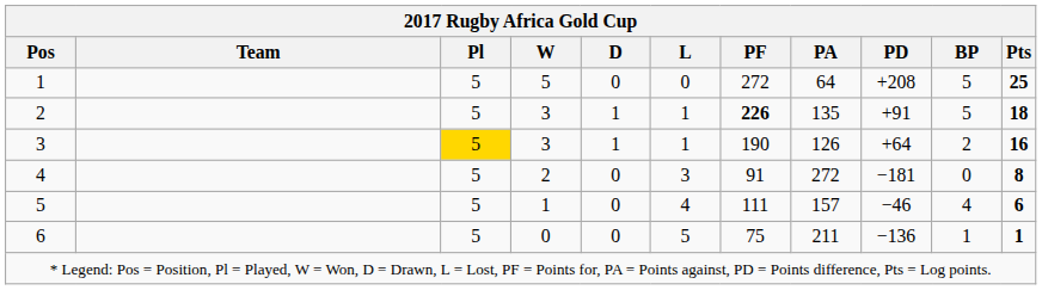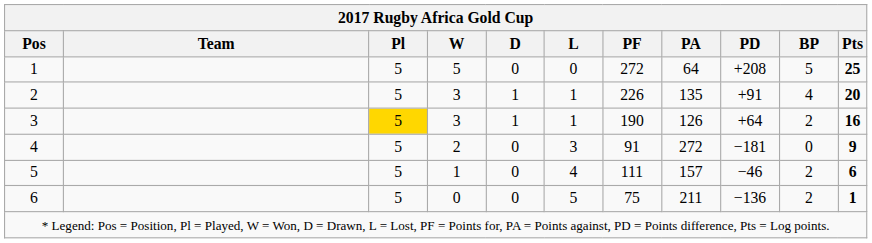 <table class="wikitable" style="text-align:center; font-size:90%; width:50%;">
 <tr>
 <th colspan="100%" cellpadding="0" cellspacing="0"><strong>2017 Rugby Africa Gold Cup</strong></th>
 </tr>
 <tr>
 <th style="width:7%;">Pos</th>
 <th style="width:37%;">Team</th>
 <th style="width:7%;">Pl</th>
 <th style="width:7%;">W</th>
 <th style="width:7%;">D</th>
 <th style="width:7%;">L</th>
 <th style="width:7%;">PF</th>
 <th style="width:7%;">PA</th>
 <th style="width:7%;">PD</th>
 <th style="width:7%;">BP</th>
 <th style="width:7%;">Pts<br></th>
 </tr>
 <tr>
 <td>1</td>
 <td align=left></td>
 <td>5</td>
 <td>5</td>
 <td>0</td>
 <td>0</td>
 <td>272</td>
 <td>64</td>
 <td>+208</td>
 <td>5</td>
 <td><strong>25</strong></td>
 </tr>
 <tr>
 <td>2</td>
 <td align=left></td>
 <td>5</td>
 <td>3</td>
 <td>1</td>
 <td>1</td>
-<td><strong>226</strong></td>
+<td>226</td>
 <td>135</td>
 <td>+91</td>
-<td>5</td>
-<td><strong>18</strong></td>
+<td>4</td>
+<td><strong>20</strong></td>
 </tr>
 <tr>
 <td>3</td>
 <td align=left></td>
 <td style="background: gold;">5</td>
 <td>3</td>
 <td>1</td>
 <td>1</td>
 <td>190</td>
 <td>126</td>
 <td>+64</td>
 <td>2</td>
 <td><strong>16</strong></td>
 </tr>
 <tr>
 <td>4</td>
 <td align=left></td>
 <td>5</td>
 <td>2</td>
 <td>0</td>
 <td>3</td>
 <td>91</td>
 <td>272</td>
 <td>−181</td>
 <td>0</td>
-<td><strong>8</strong></td>
+<td><strong>9</strong></td>
 </tr>
 <tr>
 <td>5</td>
 <td align=left></td>
 <td>5</td>
 <td>1</td>
 <td>0</td>
 <td>4</td>
 <td>111</td>
 <td>157</td>
 <td>−46</td>
-<td>4</td>
+<td>2</td>
 <td><strong>6</strong></td>
 </tr>
 <tr>
 <td>6</td>
 <td align=left></td>
 <td>5</td>
 <td>0</td>
 <td>0</td>
 <td>5</td>
 <td>75</td>
 <td>211</td>
 <td>−136</td>
-<td>1</td>
+<td>2</td>
 <td><strong>1</strong></td>
 </tr>
 <tr>
 <td colspan="100%" style="border:0px"><small>* Legend: Pos = Position, Pl = Played, W = Won, D = Drawn, L = Lost, PF = Points for, PA = Points against, PD = Points difference, Pts = Log points.</small></td>
 </tr>
 </table>
